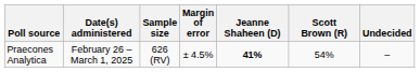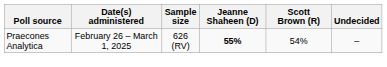 <table class="wikitable" style="font-size:90%;text-align:center;">
 <tr valign=bottom>
 <th>Poll source</th>
 <th>Date(s)<br>administered</th>
 <th>Sample<br>size</th>
-<th>Margin<br>of error</th>
 <th style="width:100px;">Jeanne<br>Shaheen (D)</th>
 <th style="width:100px;">Scott<br>Brown (R)</th>
 <th>Undecided</th>
 </tr>
 <tr>
 <td style="text-align:left;">Praecones Analytica</td>
 <td>February 26 – March 1, 2025</td>
 <td>626 (RV)</td>
-<td>± 4.5%</td>
-<td style="background-color:"><strong>41%</strong></td>
+<td style="background-color:"><strong>55%</strong></td>
 <td>54%</td>
 <td>–</td>
 </tr>
 </table>
